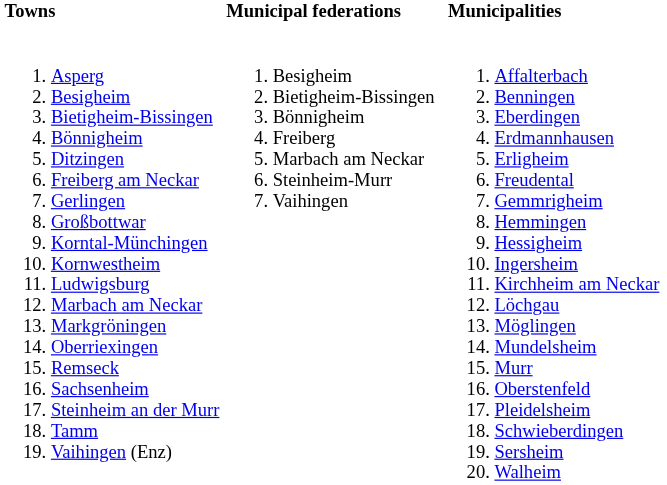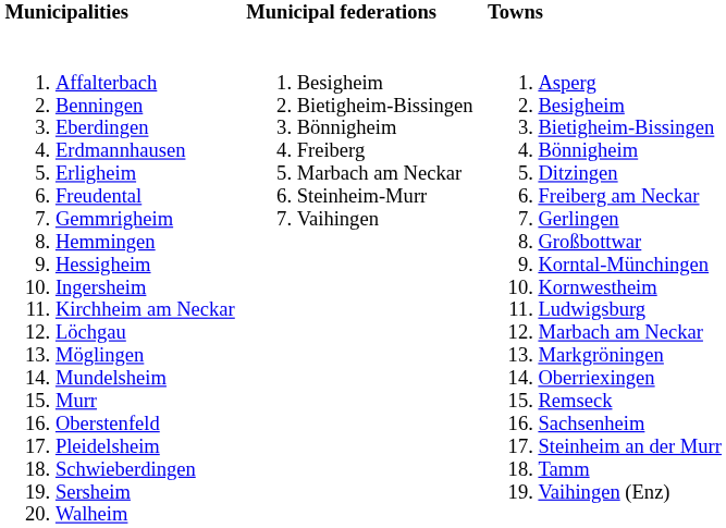 <table>
 <tr>
+<th width=33% align=left>Municipalities</th>
+<th width=33% align=left>Municipal federations</th>
 <th width=33% align=left>Towns</th>
-<th width=33% align=left>Municipal federations</th>
-<th width=33% align=left>Municipalities</th>
 </tr>
 <tr valign=top>
+<td><br><ol><li><a href='#'>Affalterbach</a></li><li><a href='#'>Benningen</a></li><li><a href='#'>Eberdingen</a></li><li><a href='#'>Erdmannhausen</a></li><li><a href='#'>Erligheim</a></li><li><a href='#'>Freudental</a></li><li><a href='#'>Gemmrigheim</a></li><li><a href='#'>Hemmingen</a></li><li><a href='#'>Hessigheim</a></li><li><a href='#'>Ingersheim</a></li><li><a href='#'>Kirchheim am Neckar</a></li><li><a href='#'>Löchgau</a></li><li><a href='#'>Möglingen</a></li><li><a href='#'>Mundelsheim</a></li><li><a href='#'>Murr</a></li><li><a href='#'>Oberstenfeld</a></li><li><a href='#'>Pleidelsheim</a></li><li><a href='#'>Schwieberdingen</a></li><li><a href='#'>Sersheim</a></li><li><a href='#'>Walheim</a></li></ol></td>
+<td><br><ol><li>Besigheim</li><li>Bietigheim-Bissingen</li><li>Bönnigheim</li><li>Freiberg</li><li>Marbach am Neckar</li><li>Steinheim-Murr</li><li>Vaihingen</li></ol></td>
 <td><br><ol><li><a href='#'>Asperg</a></li><li><a href='#'>Besigheim</a></li><li><a href='#'>Bietigheim-Bissingen</a></li><li><a href='#'>Bönnigheim</a></li><li><a href='#'>Ditzingen</a></li><li><a href='#'>Freiberg am Neckar</a></li><li><a href='#'>Gerlingen</a></li><li><a href='#'>Großbottwar</a></li><li><a href='#'>Korntal-Münchingen</a></li><li><a href='#'>Kornwestheim</a></li><li><a href='#'>Ludwigsburg</a></li><li><a href='#'>Marbach am Neckar</a></li><li><a href='#'>Markgröningen</a></li><li><a href='#'>Oberriexingen</a></li><li><a href='#'>Remseck</a></li><li><a href='#'>Sachsenheim</a></li><li><a href='#'>Steinheim an der Murr</a></li><li><a href='#'>Tamm</a></li><li><a href='#'>Vaihingen</a> (Enz)</li></ol></td>
-<td><br><ol><li>Besigheim</li><li>Bietigheim-Bissingen</li><li>Bönnigheim</li><li>Freiberg</li><li>Marbach am Neckar</li><li>Steinheim-Murr</li><li>Vaihingen</li></ol></td>
-<td><br><ol><li><a href='#'>Affalterbach</a></li><li><a href='#'>Benningen</a></li><li><a href='#'>Eberdingen</a></li><li><a href='#'>Erdmannhausen</a></li><li><a href='#'>Erligheim</a></li><li><a href='#'>Freudental</a></li><li><a href='#'>Gemmrigheim</a></li><li><a href='#'>Hemmingen</a></li><li><a href='#'>Hessigheim</a></li><li><a href='#'>Ingersheim</a></li><li><a href='#'>Kirchheim am Neckar</a></li><li><a href='#'>Löchgau</a></li><li><a href='#'>Möglingen</a></li><li><a href='#'>Mundelsheim</a></li><li><a href='#'>Murr</a></li><li><a href='#'>Oberstenfeld</a></li><li><a href='#'>Pleidelsheim</a></li><li><a href='#'>Schwieberdingen</a></li><li><a href='#'>Sersheim</a></li><li><a href='#'>Walheim</a></li></ol></td>
 </tr>
 </table>
